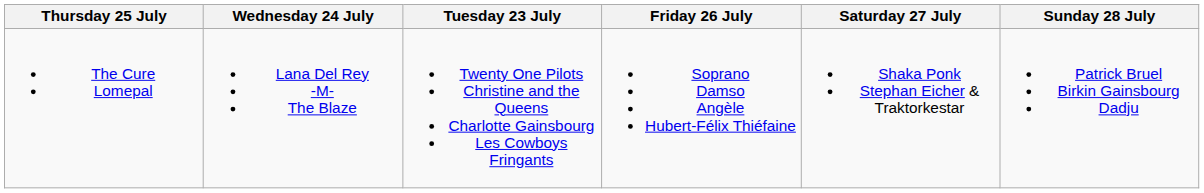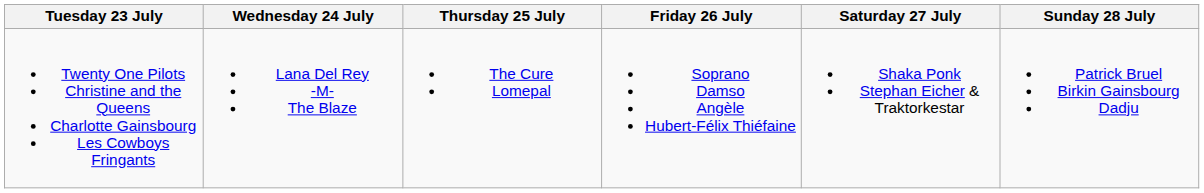 <table class="wikitable">
 <tr>
+<th>Tuesday 23 July</th>
+<th>Wednesday 24 July</th>
 <th>Thursday 25 July</th>
-<th>Wednesday 24 July</th>
-<th>Tuesday 23 July</th>
 <th>Friday 26 July</th>
 <th>Saturday 27 July</th>
 <th>Sunday 28 July</th>
 </tr>
 <tr>
+<td style="text-align:center; vertical-align:top; width:200px;"><br><ul><li><a href='#'>Twenty One Pilots</a></li><li><a href='#'>Christine and the Queens</a></li><li><a href='#'>Charlotte Gainsbourg</a></li><li><a href='#'>Les Cowboys Fringants</a></li></ul></td>
+<td style="text-align:center; vertical-align:top; width:200px;"><br><ul><li><a href='#'>Lana Del Rey</a></li><li><a href='#'>-M-</a></li><li><a href='#'>The Blaze</a></li></ul></td>
 <td style="text-align:center; vertical-align:top; width:200px;"><br><ul><li><a href='#'>The Cure</a></li><li><a href='#'>Lomepal</a></li></ul></td>
-<td style="text-align:center; vertical-align:top; width:200px;"><br><ul><li><a href='#'>Lana Del Rey</a></li><li><a href='#'>-M-</a></li><li><a href='#'>The Blaze</a></li></ul></td>
-<td style="text-align:center; vertical-align:top; width:200px;"><br><ul><li><a href='#'>Twenty One Pilots</a></li><li><a href='#'>Christine and the Queens</a></li><li><a href='#'>Charlotte Gainsbourg</a></li><li><a href='#'>Les Cowboys Fringants</a></li></ul></td>
 <td style="text-align:center; vertical-align:top; width:200px;"><br><ul><li><a href='#'>Soprano</a></li><li><a href='#'>Damso</a></li><li><a href='#'>Angèle</a></li><li><a href='#'>Hubert-Félix Thiéfaine</a></li></ul></td>
 <td style="text-align:center; vertical-align:top; width:200px;"><br><ul><li><a href='#'>Shaka Ponk</a></li><li><a href='#'>Stephan Eicher</a> & Traktorkestar</li></ul></td>
 <td style="text-align:center; vertical-align:top; width:200px;"><br><ul><li><a href='#'>Patrick Bruel</a></li><li><a href='#'>Birkin Gainsbourg</a></li><li><a href='#'>Dadju</a></li></ul></td>
 </tr>
 </table>
